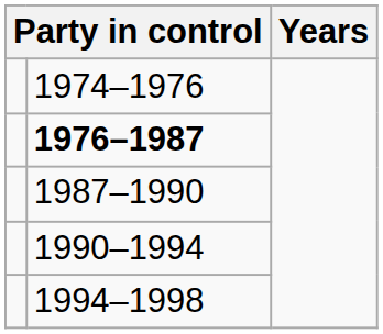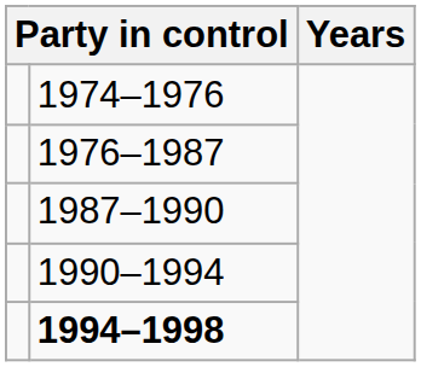 <table class="wikitable">
 <tr>
 <th colspan="2">Party in control</th>
 <th>Years</th>
 </tr>
 <tr>
 <td></td>
 <td>1974–1976</td>
 </tr>
 <tr>
 <td></td>
-<td><strong>1976–1987</strong></td>
+<td>1976–1987</td>
 </tr>
 <tr>
 <td></td>
 <td>1987–1990</td>
 </tr>
 <tr>
 <td></td>
 <td>1990–1994</td>
 </tr>
 <tr>
 <td></td>
-<td>1994–1998</td>
+<td><strong>1994–1998</strong></td>
 </tr>
 </table>
